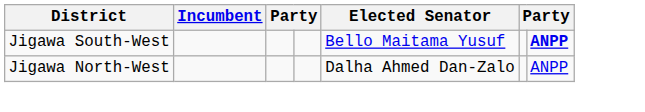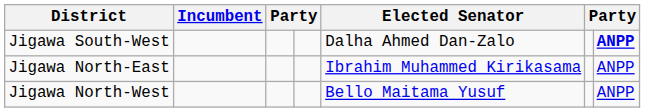 <table class="sortable wikitable" style="font-size:95%;line-height:14px;">
 <tr>
 <th class="unsortable">District</th>
 <th class="unsortable"><a href='#'>Incumbent</a></th>
 <th colspan="2">Party</th>
 <th class="unsortable">Elected Senator</th>
 <th colspan="2">Party</th>
 </tr>
 <tr>
 <td>Jigawa South-West</td>
 <td></td>
 <td></td>
 <td></td>
-<td><a href='#'>Bello Maitama Yusuf</a></td>
+<td>Dalha Ahmed Dan-Zalo</td>
 <td style="background:"></td>
 <td><strong><a href='#'>ANPP</a></strong></td>
+</tr>
+<tr>
+<td>Jigawa North-East</td>
+<td></td>
+<td></td>
+<td></td>
+<td><a href='#'>Ibrahim Muhammed Kirikasama</a></td>
+<td style="background:"></td>
+<td><a href='#'>ANPP</a></td>
 </tr>
 <tr>
 <td>Jigawa North-West</td>
 <td></td>
 <td></td>
 <td></td>
-<td>Dalha Ahmed Dan-Zalo</td>
+<td><a href='#'>Bello Maitama Yusuf</a></td>
 <td style="background:"></td>
 <td><a href='#'>ANPP</a></td>
 </tr>
 </table>
